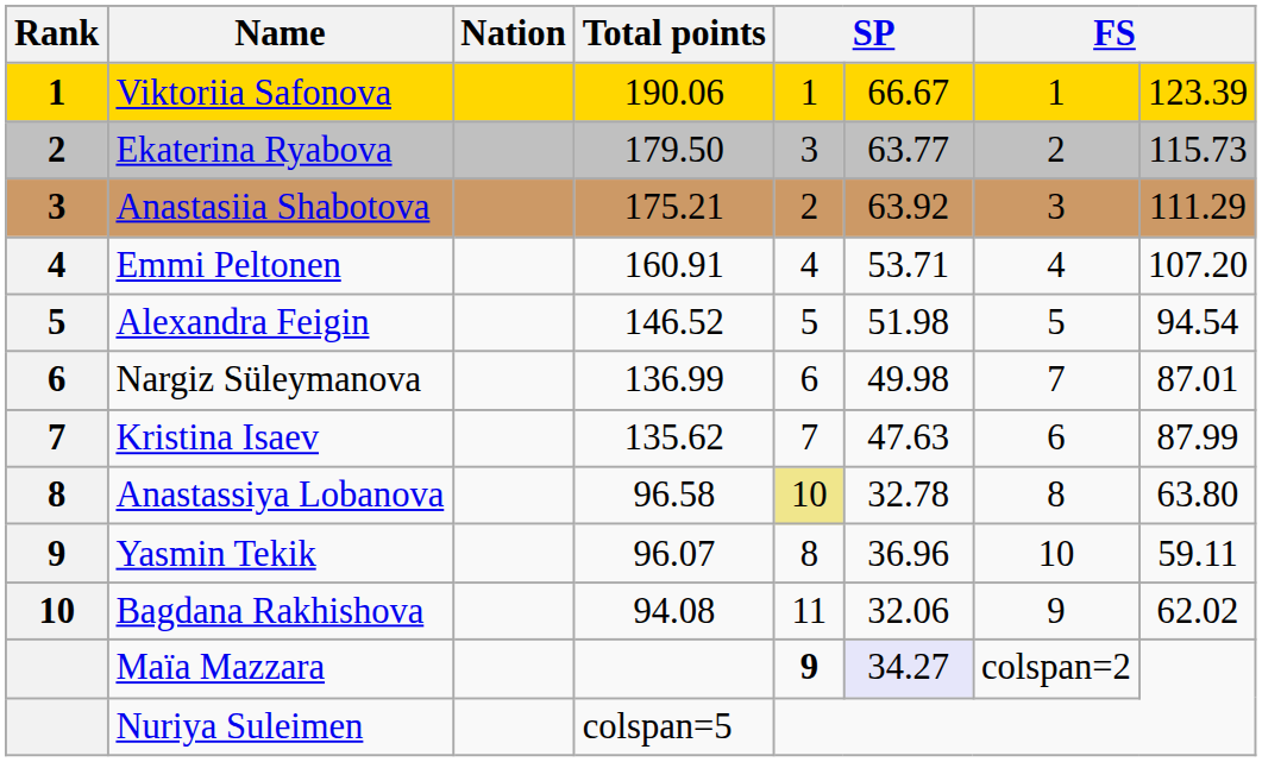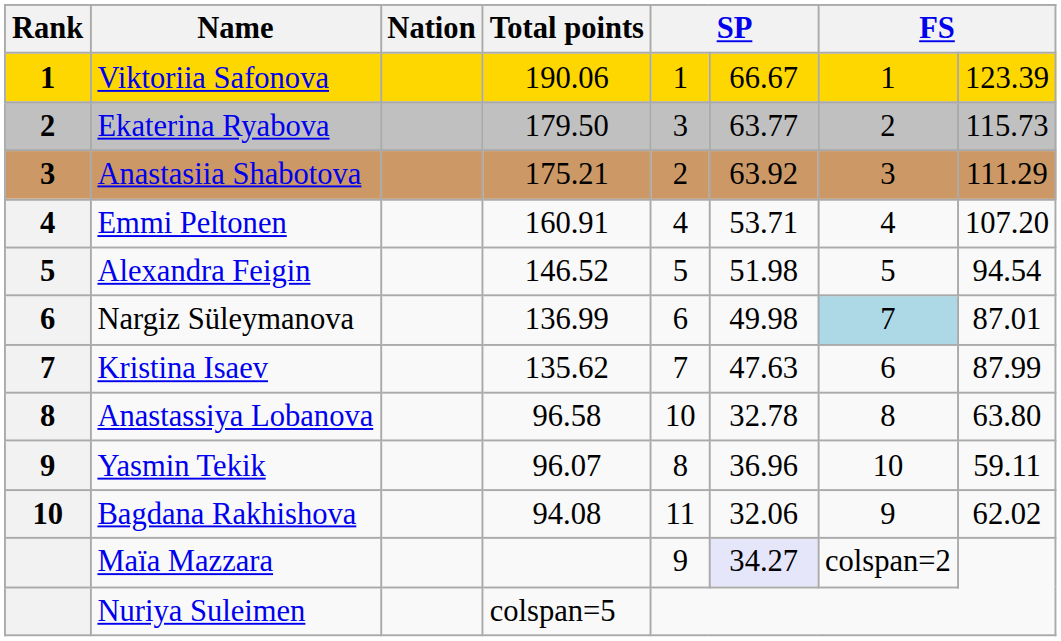 <table class="wikitable sortable">
 <tr>
 <th>Rank</th>
 <th>Name</th>
 <th>Nation</th>
 <th>Total points</th>
 <th colspan="2" width="80px"><a href='#'>SP</a></th>
 <th colspan="2" width="80px"><a href='#'>FS</a></th>
 </tr>
 <tr bgcolor="gold">
 <td align="center"><strong>1</strong></td>
 <td><a href='#'>Viktoriia Safonova</a></td>
 <td></td>
 <td align="center">190.06</td>
 <td align="center">1</td>
 <td align="center">66.67</td>
 <td align="center">1</td>
 <td align="center">123.39</td>
 </tr>
 <tr bgcolor="silver">
 <td align="center"><strong>2</strong></td>
 <td><a href='#'>Ekaterina Ryabova</a></td>
 <td></td>
 <td align="center">179.50</td>
 <td align="center">3</td>
 <td align="center">63.77</td>
 <td align="center">2</td>
 <td align="center">115.73</td>
 </tr>
 <tr bgcolor="cc9966">
 <td align="center"><strong>3</strong></td>
 <td><a href='#'>Anastasiia Shabotova</a></td>
 <td></td>
 <td align="center">175.21</td>
 <td align="center">2</td>
 <td align="center">63.92</td>
 <td align="center">3</td>
 <td align="center">111.29</td>
 </tr>
 <tr>
 <th>4</th>
 <td><a href='#'>Emmi Peltonen</a></td>
 <td></td>
 <td align="center">160.91</td>
 <td align="center">4</td>
 <td align="center">53.71</td>
 <td align="center">4</td>
 <td align="center">107.20</td>
 </tr>
 <tr>
 <th>5</th>
 <td><a href='#'>Alexandra Feigin</a></td>
 <td></td>
 <td align="center">146.52</td>
 <td align="center">5</td>
 <td align="center">51.98</td>
 <td align="center">5</td>
 <td align="center">94.54</td>
 </tr>
 <tr>
 <th>6</th>
 <td>Nargiz Süleymanova</td>
 <td></td>
 <td align="center">136.99</td>
 <td align="center">6</td>
 <td align="center">49.98</td>
-<td align="center">7</td>
+<td align="center" style="background: lightblue;">7</td>
 <td align="center">87.01</td>
 </tr>
 <tr>
 <th>7</th>
 <td><a href='#'>Kristina Isaev</a></td>
 <td></td>
 <td align="center">135.62</td>
 <td align="center">7</td>
 <td align="center">47.63</td>
 <td align="center">6</td>
 <td align="center">87.99</td>
 </tr>
 <tr>
 <th>8</th>
 <td><a href='#'>Anastassiya Lobanova</a></td>
 <td></td>
 <td align="center">96.58</td>
-<td align="center" style="background: khaki;">10</td>
+<td align="center">10</td>
 <td align="center">32.78</td>
 <td align="center">8</td>
 <td align="center">63.80</td>
 </tr>
 <tr>
 <th>9</th>
 <td><a href='#'>Yasmin Tekik</a></td>
 <td></td>
 <td align="center">96.07</td>
 <td align="center">8</td>
 <td align="center">36.96</td>
 <td align="center">10</td>
 <td align="center">59.11</td>
 </tr>
 <tr>
 <th>10</th>
 <td><a href='#'>Bagdana Rakhishova</a></td>
 <td></td>
 <td align="center">94.08</td>
 <td align="center">11</td>
 <td align="center">32.06</td>
 <td align="center">9</td>
 <td align="center">62.02</td>
 </tr>
 <tr>
 <th></th>
 <td><a href='#'>Maïa Mazzara</a></td>
 <td></td>
 <td></td>
-<td align="center"><strong>9</strong></td>
+<td align="center">9</td>
 <td align="center" style="background: lavender;">34.27</td>
 <td>colspan=2 </td>
 </tr>
 <tr>
 <th></th>
 <td><a href='#'>Nuriya Suleimen</a></td>
 <td></td>
 <td>colspan=5 </td>
 </tr>
 </table>
